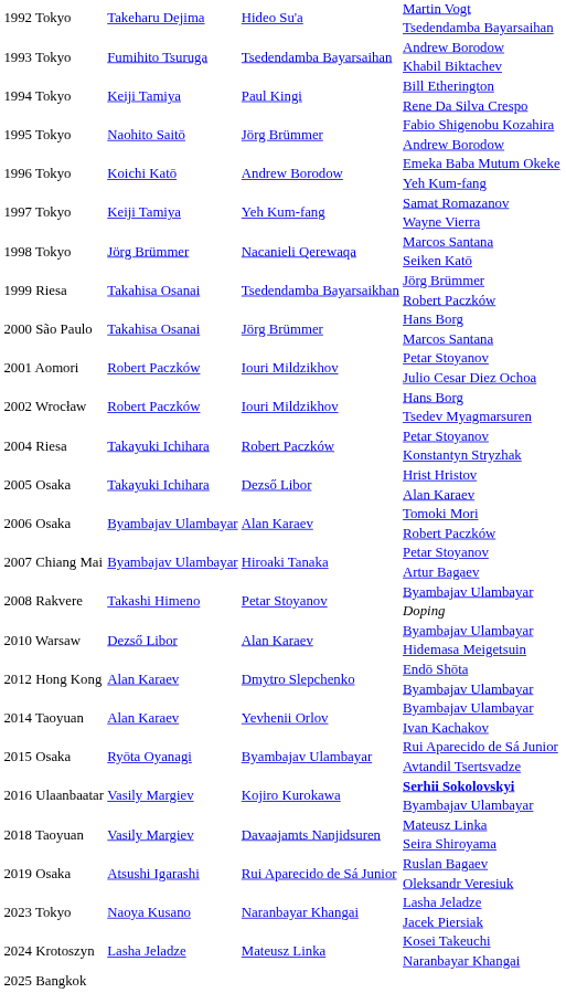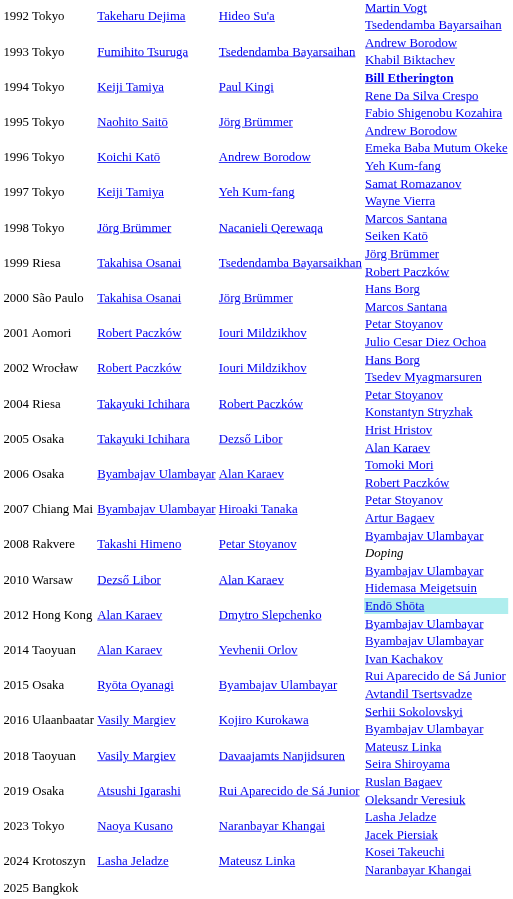 <table>
 <tr>
 <td rowspan=2>1992 Tokyo</td>
 <td rowspan=2> <a href='#'>Takeharu Dejima</a></td>
 <td rowspan=2> <a href='#'>Hideo Su'a</a></td>
 <td> <a href='#'>Martin Vogt</a></td>
 </tr>
 <tr>
 <td> <a href='#'>Tsedendamba Bayarsaihan</a></td>
 </tr>
 <tr>
 <td rowspan=2>1993 Tokyo</td>
 <td rowspan=2> <a href='#'>Fumihito Tsuruga</a></td>
 <td rowspan=2> <a href='#'>Tsedendamba Bayarsaihan</a></td>
 <td> <a href='#'>Andrew Borodow</a></td>
 </tr>
 <tr>
 <td> <a href='#'>Khabil Biktachev</a></td>
 </tr>
 <tr>
 <td rowspan=2>1994 Tokyo</td>
 <td rowspan=2> <a href='#'>Keiji Tamiya</a></td>
 <td rowspan=2> <a href='#'>Paul Kingi</a></td>
-<td> <a href='#'>Bill Etherington</a></td>
+<td><strong> <a href='#'>Bill Etherington</a></strong></td>
 </tr>
 <tr>
 <td> <a href='#'>Rene Da Silva Crespo</a></td>
 </tr>
 <tr>
 <td rowspan=2>1995 Tokyo</td>
 <td rowspan=2> <a href='#'>Naohito Saitō</a></td>
 <td rowspan=2> <a href='#'>Jörg Brümmer</a></td>
 <td> <a href='#'>Fabio Shigenobu Kozahira</a></td>
 </tr>
 <tr>
 <td> <a href='#'>Andrew Borodow</a></td>
 </tr>
 <tr>
 <td rowspan=2>1996 Tokyo</td>
 <td rowspan=2> <a href='#'>Koichi Katō</a></td>
 <td rowspan=2> <a href='#'>Andrew Borodow</a></td>
 <td> <a href='#'>Emeka Baba Mutum Okeke</a></td>
 </tr>
 <tr>
 <td> <a href='#'>Yeh Kum-fang</a></td>
 </tr>
 <tr>
 <td rowspan=2>1997 Tokyo</td>
 <td rowspan=2> <a href='#'>Keiji Tamiya</a></td>
 <td rowspan=2> <a href='#'>Yeh Kum-fang</a></td>
 <td> <a href='#'>Samat Romazanov</a></td>
 </tr>
 <tr>
 <td> <a href='#'>Wayne Vierra</a></td>
 </tr>
 <tr>
 <td rowspan=2>1998 Tokyo</td>
 <td rowspan=2> <a href='#'>Jörg Brümmer</a></td>
 <td rowspan=2> <a href='#'>Nacanieli Qerewaqa</a></td>
 <td> <a href='#'>Marcos Santana</a></td>
 </tr>
 <tr>
 <td> <a href='#'>Seiken Katō</a></td>
 </tr>
 <tr>
 <td rowspan=2>1999 Riesa</td>
 <td rowspan=2> <a href='#'>Takahisa Osanai</a></td>
 <td rowspan=2> <a href='#'>Tsedendamba Bayarsaikhan</a></td>
 <td> <a href='#'>Jörg Brümmer</a></td>
 </tr>
 <tr>
 <td> <a href='#'>Robert Paczków</a></td>
 </tr>
 <tr>
 <td rowspan=2>2000 São Paulo</td>
 <td rowspan=2> <a href='#'>Takahisa Osanai</a></td>
 <td rowspan=2> <a href='#'>Jörg Brümmer</a></td>
 <td> <a href='#'>Hans Borg</a></td>
 </tr>
 <tr>
 <td> <a href='#'>Marcos Santana</a></td>
 </tr>
 <tr>
 <td rowspan=2>2001 Aomori</td>
 <td rowspan=2> <a href='#'>Robert Paczków</a></td>
 <td rowspan=2> <a href='#'>Iouri Mildzikhov</a></td>
 <td> <a href='#'>Petar Stoyanov</a></td>
 </tr>
 <tr>
 <td> <a href='#'>Julio Cesar Diez Ochoa</a></td>
 </tr>
 <tr>
 <td rowspan=2>2002 Wrocław</td>
 <td rowspan=2> <a href='#'>Robert Paczków</a></td>
 <td rowspan=2> <a href='#'>Iouri Mildzikhov</a></td>
 <td> <a href='#'>Hans Borg</a></td>
 </tr>
 <tr>
 <td> <a href='#'>Tsedev Myagmarsuren</a></td>
 </tr>
 <tr>
 <td rowspan=2>2004 Riesa</td>
 <td rowspan=2> <a href='#'>Takayuki Ichihara</a></td>
 <td rowspan=2> <a href='#'>Robert Paczków</a></td>
 <td> <a href='#'>Petar Stoyanov</a></td>
 </tr>
 <tr>
 <td> <a href='#'>Konstantyn Stryzhak</a></td>
 </tr>
 <tr>
 <td rowspan=2>2005 Osaka</td>
 <td rowspan=2> <a href='#'>Takayuki Ichihara</a></td>
 <td rowspan=2> <a href='#'>Dezső Libor</a></td>
 <td> <a href='#'>Hrist Hristov</a></td>
 </tr>
 <tr>
 <td> <a href='#'>Alan Karaev</a></td>
 </tr>
 <tr>
 <td rowspan=2>2006 Osaka</td>
 <td rowspan=2> <a href='#'>Byambajav Ulambayar</a></td>
 <td rowspan=2> <a href='#'>Alan Karaev</a></td>
 <td> <a href='#'>Tomoki Mori</a></td>
 </tr>
 <tr>
 <td> <a href='#'>Robert Paczków</a></td>
 </tr>
 <tr>
 <td rowspan=2>2007 Chiang Mai</td>
 <td rowspan=2> <a href='#'>Byambajav Ulambayar</a></td>
 <td rowspan=2> <a href='#'>Hiroaki Tanaka</a></td>
 <td> <a href='#'>Petar Stoyanov</a></td>
 </tr>
 <tr>
 <td> <a href='#'>Artur Bagaev</a></td>
 </tr>
 <tr>
 <td rowspan=2>2008 Rakvere</td>
 <td rowspan=2> <a href='#'>Takashi Himeno</a></td>
 <td rowspan=2> <a href='#'>Petar Stoyanov</a></td>
 <td> <a href='#'>Byambajav Ulambayar</a></td>
 </tr>
 <tr>
 <td><em>Doping</em></td>
 </tr>
 <tr>
 <td rowspan=2>2010 Warsaw</td>
 <td rowspan=2> <a href='#'>Dezső Libor</a></td>
 <td rowspan=2> <a href='#'>Alan Karaev</a></td>
 <td> <a href='#'>Byambajav Ulambayar</a></td>
 </tr>
 <tr>
 <td> <a href='#'>Hidemasa Meigetsuin</a></td>
 </tr>
 <tr>
 <td rowspan=2>2012 Hong Kong</td>
 <td rowspan=2> <a href='#'>Alan Karaev</a></td>
 <td rowspan=2> <a href='#'>Dmytro Slepchenko</a></td>
-<td> <a href='#'>Endō Shōta</a></td>
+<td style="background: paleturquoise;"> <a href='#'>Endō Shōta</a></td>
 </tr>
 <tr>
 <td> <a href='#'>Byambajav Ulambayar</a></td>
 </tr>
 <tr>
 <td rowspan=2>2014 Taoyuan</td>
 <td rowspan=2> <a href='#'>Alan Karaev</a></td>
 <td rowspan=2> <a href='#'>Yevhenii Orlov</a></td>
 <td> <a href='#'>Byambajav Ulambayar</a></td>
 </tr>
 <tr>
 <td> <a href='#'>Ivan Kachakov</a></td>
 </tr>
 <tr>
 <td rowspan=2>2015 Osaka</td>
 <td rowspan=2> <a href='#'>Ryōta Oyanagi</a></td>
 <td rowspan=2> <a href='#'>Byambajav Ulambayar</a></td>
 <td> <a href='#'>Rui Aparecido de Sá Junior</a></td>
 </tr>
 <tr>
 <td> <a href='#'>Avtandil Tsertsvadze</a></td>
 </tr>
 <tr>
 <td rowspan=2>2016 Ulaanbaatar</td>
 <td rowspan=2> <a href='#'>Vasily Margiev</a></td>
 <td rowspan=2> <a href='#'>Kojiro Kurokawa</a></td>
-<td><strong> <a href='#'>Serhii Sokolovskyi</a></strong></td>
+<td> <a href='#'>Serhii Sokolovskyi</a></td>
 </tr>
 <tr>
 <td> <a href='#'>Byambajav Ulambayar</a></td>
 </tr>
 <tr>
 <td rowspan=2>2018 Taoyuan</td>
 <td rowspan=2> <a href='#'>Vasily Margiev</a></td>
 <td rowspan=2> <a href='#'>Davaajamts Nanjidsuren</a></td>
 <td> <a href='#'>Mateusz Linka</a></td>
 </tr>
 <tr>
 <td> <a href='#'>Seira Shiroyama</a></td>
 </tr>
 <tr>
 <td rowspan=2>2019 Osaka</td>
 <td rowspan=2> <a href='#'>Atsushi Igarashi</a></td>
 <td rowspan=2> <a href='#'>Rui Aparecido de Sá Junior</a></td>
 <td> <a href='#'>Ruslan Bagaev</a></td>
 </tr>
 <tr>
 <td> <a href='#'>Oleksandr Veresiuk</a></td>
 </tr>
 <tr>
 <td rowspan=2>2023 Tokyo</td>
 <td rowspan=2> <a href='#'>Naoya Kusano</a></td>
 <td rowspan=2> <a href='#'>Naranbayar Khangai</a></td>
 <td> <a href='#'>Lasha Jeladze</a></td>
 </tr>
 <tr>
 <td> <a href='#'>Jacek Piersiak</a></td>
 </tr>
 <tr>
 <td rowspan=2>2024 Krotoszyn</td>
 <td rowspan=2> <a href='#'>Lasha Jeladze</a></td>
 <td rowspan=2> <a href='#'>Mateusz Linka</a></td>
 <td> <a href='#'>Kosei Takeuchi</a></td>
 </tr>
 <tr>
 <td> <a href='#'>Naranbayar Khangai</a></td>
 </tr>
 <tr>
 <td rowspan=2>2025 Bangkok</td>
 <td rowspan=2></td>
 <td rowspan=2></td>
 <td></td>
 </tr>
 <tr>
 <td></td>
 </tr>
 </table>
